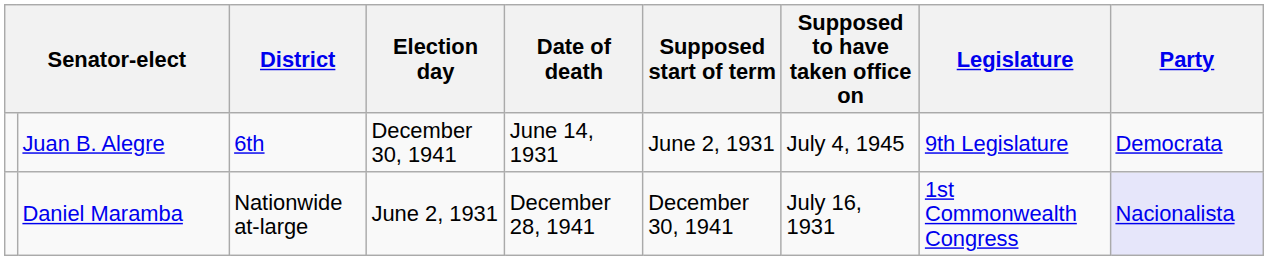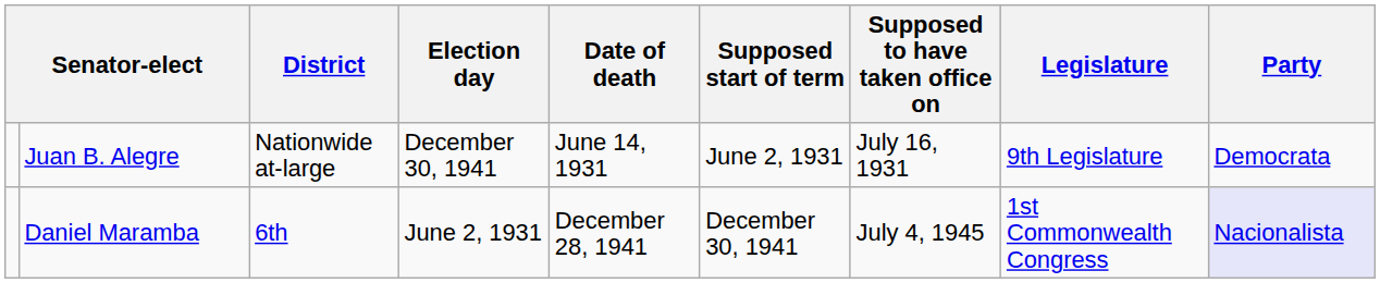 <table class="wikitable" style="font-size:95%" width="99%">
 <tr>
 <th colspan="2" width="15%">Senator-elect</th>
 <th width="8%"><a href='#'>District</a></th>
 <th width="9.25%">Election day</th>
 <th width="9.25%">Date of death</th>
 <th width="9.25%">Supposed start of term</th>
 <th width="9.25%">Supposed to have taken office on</th>
 <th width="12%"><a href='#'>Legislature</a></th>
 <th width="10%"><a href='#'>Party</a></th>
 </tr>
 <tr>
 <td style="background-color:"></td>
 <td><a href='#'>Juan B. Alegre</a></td>
-<td><a href='#'>6th</a></td>
+<td>Nationwide at-large</td>
 <td>December 30, 1941</td>
 <td>June 14, 1931</td>
 <td>June 2, 1931</td>
-<td>July 4, 1945</td>
+<td>July 16, 1931</td>
 <td><a href='#'>9th Legislature</a></td>
 <td><a href='#'>Democrata</a></td>
 </tr>
 <tr>
 <td style="background-color:"></td>
 <td><a href='#'>Daniel Maramba</a></td>
-<td>Nationwide at-large</td>
+<td><a href='#'>6th</a></td>
 <td>June 2, 1931</td>
 <td>December 28, 1941</td>
 <td>December 30, 1941</td>
-<td>July 16, 1931</td>
+<td>July 4, 1945</td>
 <td><a href='#'>1st Commonwealth Congress</a></td>
 <td style="background: lavender;"><a href='#'>Nacionalista</a></td>
 </tr>
 </table>
